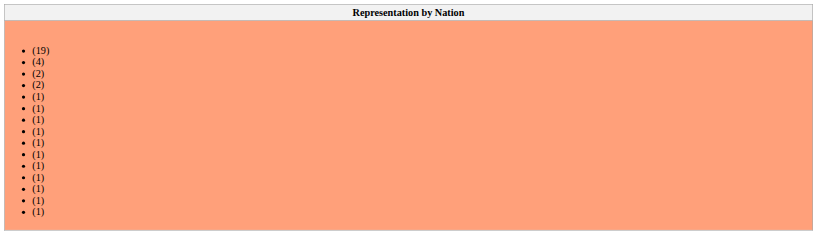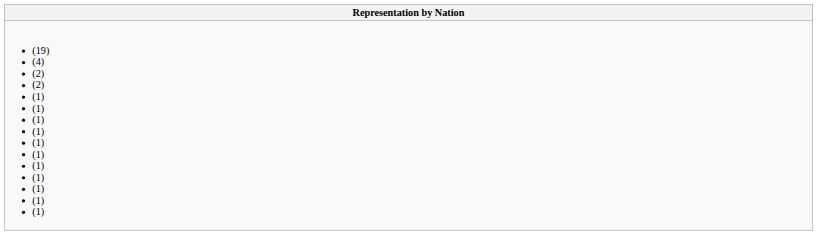 <table class="wikitable mw-collapsible" style="width:100%;">
 <tr>
 <th>Representation by Nation</th>
 </tr>
 <tr>
-<td style="background: lightsalmon;"><br><ul><li> (19)</li><li> (4)</li><li> (2)</li><li> (2)</li><li> (1)</li><li> (1)</li><li> (1)</li><li> (1)</li><li> (1)</li><li> (1)</li><li> (1)</li><li> (1)</li><li> (1)</li><li> (1)</li><li> (1)</li></ul></td>
+<td><br><ul><li> (19)</li><li> (4)</li><li> (2)</li><li> (2)</li><li> (1)</li><li> (1)</li><li> (1)</li><li> (1)</li><li> (1)</li><li> (1)</li><li> (1)</li><li> (1)</li><li> (1)</li><li> (1)</li><li> (1)</li></ul></td>
 </tr>
 </table>
